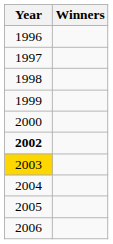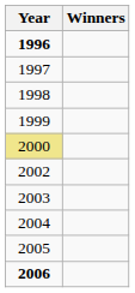 <table class="wikitable" style="text-align:center;">
 <tr>
 <th width="50">Year</th>
 <th>Winners</th>
 </tr>
 <tr>
-<td>1996</td>
+<td><strong>1996</strong></td>
 <td></td>
 </tr>
 <tr>
 <td>1997</td>
 <td></td>
 </tr>
 <tr>
 <td>1998</td>
 <td></td>
 </tr>
 <tr>
 <td>1999</td>
 <td></td>
 </tr>
 <tr>
-<td>2000</td>
+<td style="background: khaki;">2000</td>
 <td></td>
 </tr>
 <tr>
-<td><strong>2002</strong></td>
+<td>2002</td>
 <td></td>
 </tr>
 <tr>
-<td style="background: gold;">2003</td>
+<td>2003</td>
 <td></td>
 </tr>
 <tr>
 <td>2004</td>
 <td></td>
 </tr>
 <tr>
 <td>2005</td>
 <td></td>
 </tr>
 <tr>
-<td>2006</td>
+<td><strong>2006</strong></td>
 <td></td>
 </tr>
 </table>
